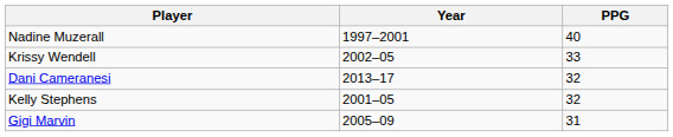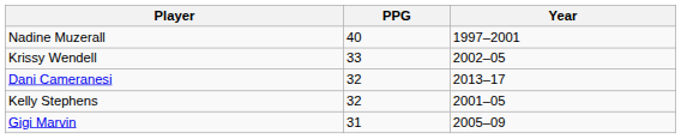 <table class="wikitable" style="width: 50em">
 <tr>
 <th>Player</th>
+<th>PPG</th>
 <th>Year</th>
-<th>PPG</th>
 </tr>
 <tr>
 <td>Nadine Muzerall</td>
+<td>40</td>
 <td>1997–2001</td>
-<td>40</td>
 </tr>
 <tr>
 <td>Krissy Wendell</td>
+<td>33</td>
 <td>2002–05</td>
-<td>33</td>
 </tr>
 <tr>
 <td><a href='#'>Dani Cameranesi</a></td>
+<td>32</td>
 <td>2013–17</td>
-<td>32</td>
 </tr>
 <tr>
 <td>Kelly Stephens</td>
+<td>32</td>
 <td>2001–05</td>
-<td>32</td>
 </tr>
 <tr>
 <td><a href='#'>Gigi Marvin</a></td>
+<td>31</td>
 <td>2005–09</td>
-<td>31</td>
 </tr>
 </table>
